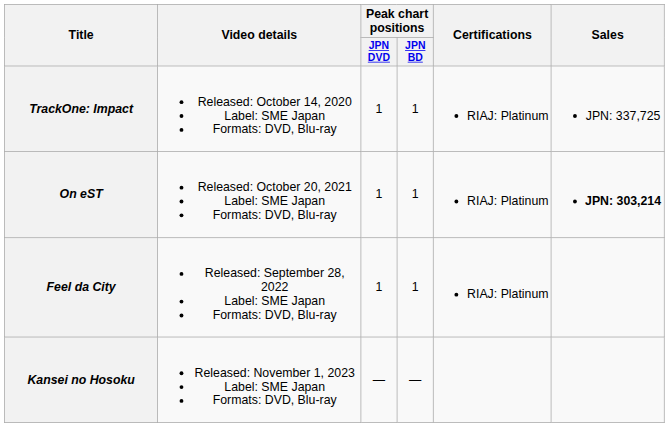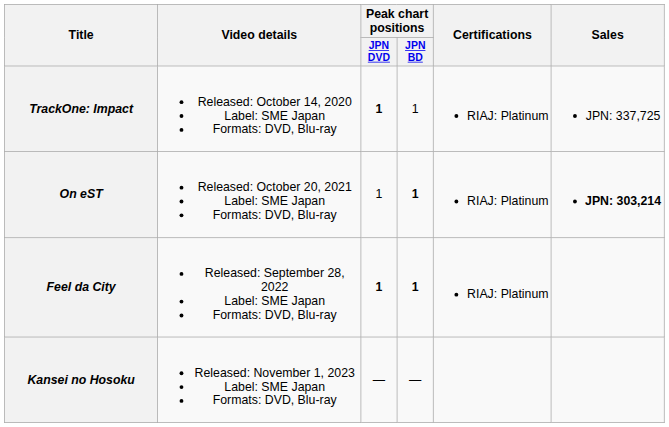 <table class="wikitable plainrowheaders" style="text-align:center;">
 <tr>
 <th rowspan="2" scope="col" style="width:12em;">Title</th>
 <th rowspan="2" scope="col" style="width:16em;">Video details</th>
 <th colspan="2" scope="col">Peak chart positions</th>
 <th rowspan="2" scope="col">Certifications</th>
 <th rowspan="2" scope="col">Sales</th>
 </tr>
 <tr>
 <th scope="col" style="width:3em;font-size:85%;"><a href='#'>JPN<br>DVD</a><br></th>
 <th scope="col" style="width:3em;font-size:85%;"><a href='#'>JPN<br>BD</a><br></th>
 </tr>
 <tr>
 <th scope="row"><em>TrackOne: Impact</em></th>
 <td><br><ul><li>Released: October 14, 2020</li><li>Label: SME Japan</li><li>Formats: DVD, Blu-ray</li></ul></td>
-<td>1</td>
+<td><strong>1</strong></td>
 <td>1</td>
 <td><br><ul><li>RIAJ: Platinum</li></ul></td>
 <td><br><ul><li>JPN: 337,725</li></ul></td>
 </tr>
 <tr>
 <th scope="row"><em>On eST</em></th>
 <td><br><ul><li>Released: October 20, 2021</li><li>Label: SME Japan</li><li>Formats: DVD, Blu-ray</li></ul></td>
 <td>1</td>
-<td>1</td>
+<td><strong>1</strong></td>
 <td><br><ul><li>RIAJ: Platinum</li></ul></td>
 <td><strong><br><ul><li>JPN: 303,214</li></ul></strong></td>
 </tr>
 <tr>
 <th scope="row"><em>Feel da City</em></th>
 <td><br><ul><li>Released: September 28, 2022</li><li>Label: SME Japan</li><li>Formats: DVD, Blu-ray</li></ul></td>
-<td>1</td>
-<td>1</td>
+<td><strong>1</strong></td>
+<td><strong>1</strong></td>
 <td><br><ul><li>RIAJ: Platinum</li></ul></td>
 <td></td>
 </tr>
 <tr>
 <th scope="row"><em>Kansei no Hosoku</em></th>
 <td><br><ul><li>Released: November 1, 2023</li><li>Label: SME Japan</li><li>Formats: DVD, Blu-ray</li></ul></td>
 <td>—</td>
 <td>—</td>
 <td><br></td>
 <td><br></td>
 </tr>
 </table>
